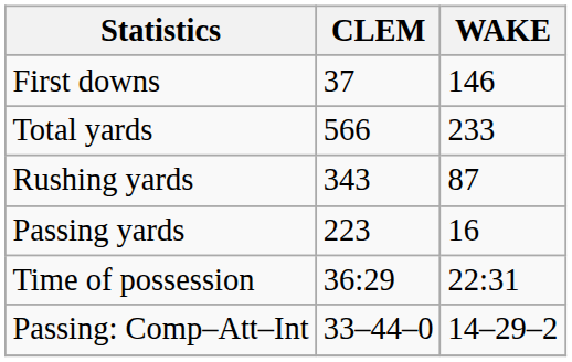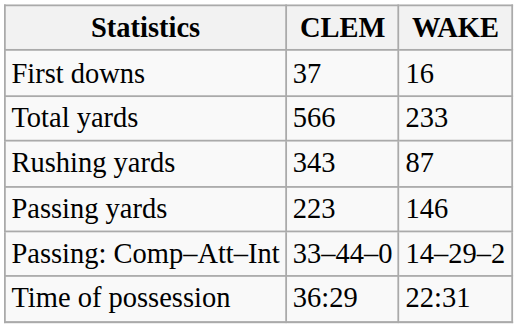 <table class="wikitable" style="float: left;">
 <tr>
 <th>Statistics</th>
 <th>CLEM</th>
 <th>WAKE</th>
 </tr>
 <tr>
 <td>First downs</td>
 <td>37</td>
-<td>146</td>
+<td>16</td>
 </tr>
 <tr>
 <td>Total yards</td>
 <td>566</td>
 <td>233</td>
 </tr>
 <tr>
 <td>Rushing yards</td>
 <td>343</td>
 <td>87</td>
 </tr>
 <tr>
 <td>Passing yards</td>
 <td>223</td>
-<td>16</td>
+<td>146</td>
+</tr>
+<tr>
+<td>Passing: Comp–Att–Int</td>
+<td>33–44–0</td>
+<td>14–29–2</td>
 </tr>
 <tr>
 <td>Time of possession</td>
 <td>36:29</td>
 <td>22:31</td>
 </tr>
 <tr>
-<td>Passing: Comp–Att–Int</td>
-<td>33–44–0</td>
-<td>14–29–2</td>
-</tr>
-<tr>
 </tr>
 </table>
